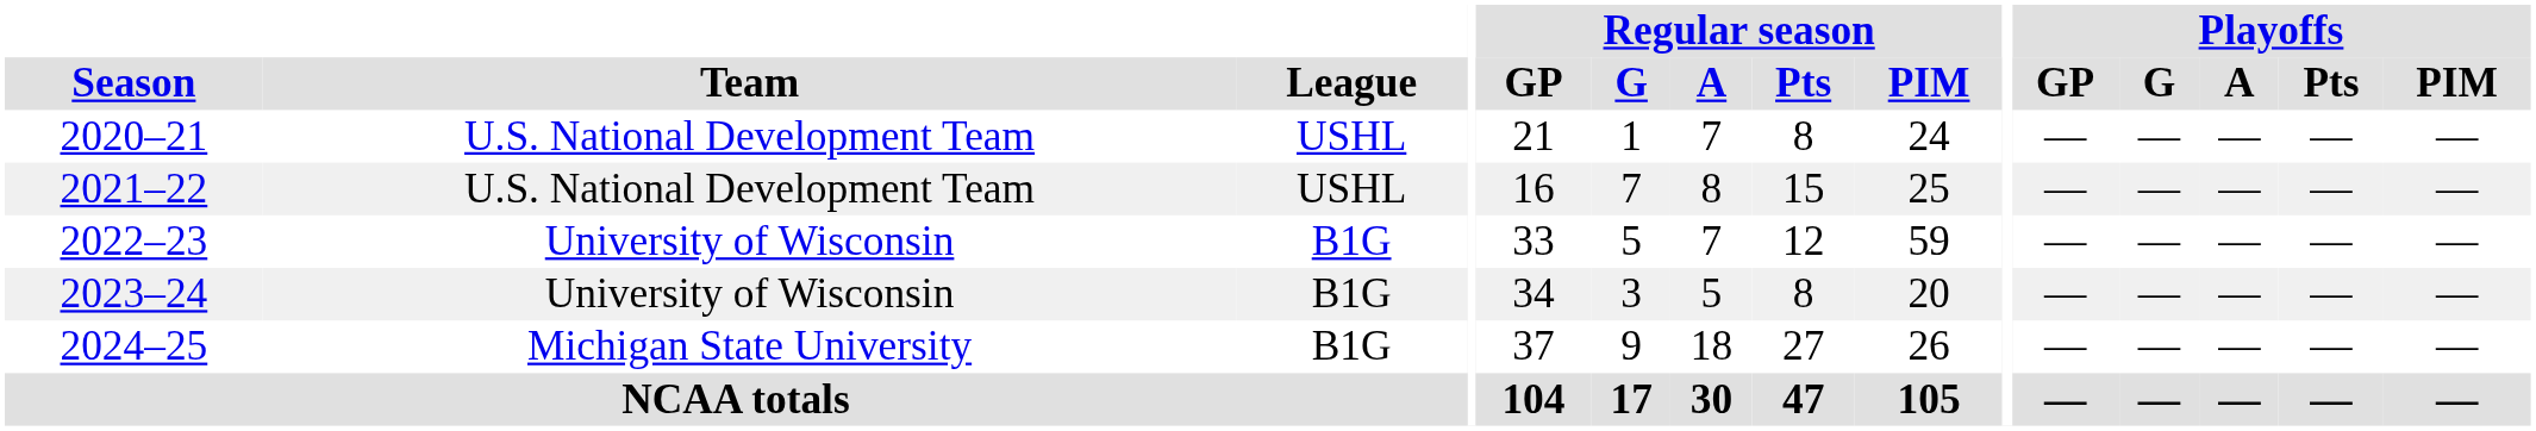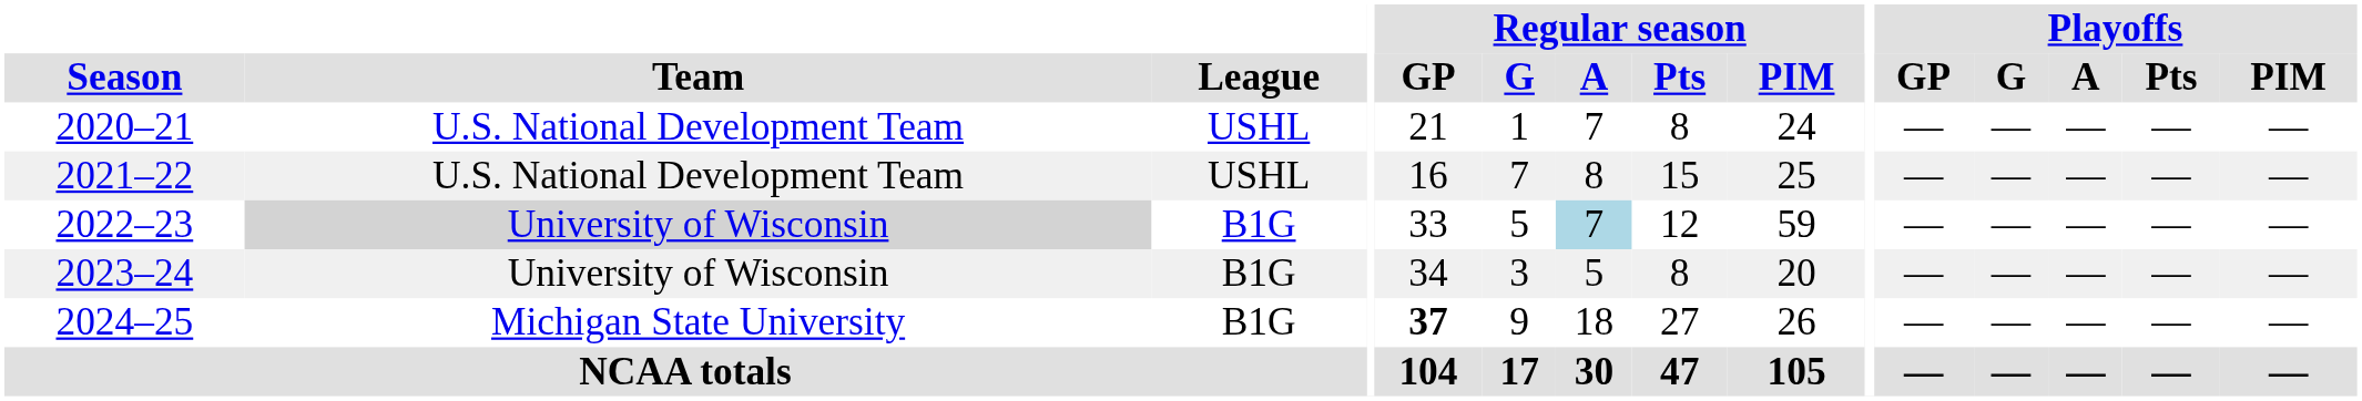 <table border="0" cellpadding="1" cellspacing="0" style="text-align:center; width:60em">
 <tr bgcolor="#e0e0e0">
 <th colspan="3" bgcolor="#ffffff"></th>
 <th rowspan="101" bgcolor="#ffffff"></th>
 <th colspan="5"><a href='#'>Regular season</a></th>
 <th rowspan="101" bgcolor="#ffffff"></th>
 <th colspan="5"><a href='#'>Playoffs</a></th>
 </tr>
 <tr bgcolor="#e0e0e0">
 <th><a href='#'>Season</a></th>
 <th>Team</th>
 <th>League</th>
 <th>GP</th>
 <th><a href='#'>G</a></th>
 <th><a href='#'>A</a></th>
 <th><a href='#'>Pts</a></th>
 <th><a href='#'>PIM</a></th>
 <th>GP</th>
 <th>G</th>
 <th>A</th>
 <th>Pts</th>
 <th>PIM</th>
 </tr>
 <tr>
 <td><a href='#'>2020–21</a></td>
 <td><a href='#'>U.S. National Development Team</a></td>
 <td><a href='#'>USHL</a></td>
 <td>21</td>
 <td>1</td>
 <td>7</td>
 <td>8</td>
 <td>24</td>
 <td>—</td>
 <td>—</td>
 <td>—</td>
 <td>—</td>
 <td>—</td>
 </tr>
 <tr bgcolor="#f0f0f0">
 <td><a href='#'>2021–22</a></td>
 <td>U.S. National Development Team</td>
 <td>USHL</td>
 <td>16</td>
 <td>7</td>
 <td>8</td>
 <td>15</td>
 <td>25</td>
 <td>—</td>
 <td>—</td>
 <td>—</td>
 <td>—</td>
 <td>—</td>
 </tr>
 <tr>
 <td><a href='#'>2022–23</a></td>
-<td><a href='#'>University of Wisconsin</a></td>
+<td style="background: lightgrey;"><a href='#'>University of Wisconsin</a></td>
 <td><a href='#'>B1G</a></td>
 <td>33</td>
 <td>5</td>
-<td>7</td>
+<td style="background: lightblue;">7</td>
 <td>12</td>
 <td>59</td>
 <td>—</td>
 <td>—</td>
 <td>—</td>
 <td>—</td>
 <td>—</td>
 </tr>
 <tr bgcolor="#f0f0f0">
 <td><a href='#'>2023–24</a></td>
 <td>University of Wisconsin</td>
 <td>B1G</td>
 <td>34</td>
 <td>3</td>
 <td>5</td>
 <td>8</td>
 <td>20</td>
 <td>—</td>
 <td>—</td>
 <td>—</td>
 <td>—</td>
 <td>—</td>
 </tr>
 <tr>
 <td><a href='#'>2024–25</a></td>
 <td><a href='#'>Michigan State University</a></td>
 <td>B1G</td>
-<td>37</td>
+<td><strong>37</strong></td>
 <td>9</td>
 <td>18</td>
 <td>27</td>
 <td>26</td>
 <td>—</td>
 <td>—</td>
 <td>—</td>
 <td>—</td>
 <td>—</td>
 </tr>
 <tr bgcolor="#e0e0e0">
 <th colspan="3">NCAA totals</th>
 <th>104</th>
 <th>17</th>
 <th>30</th>
 <th>47</th>
 <th>105</th>
 <th>—</th>
 <th>—</th>
 <th>—</th>
 <th>—</th>
 <th>—</th>
 </tr>
 </table>
